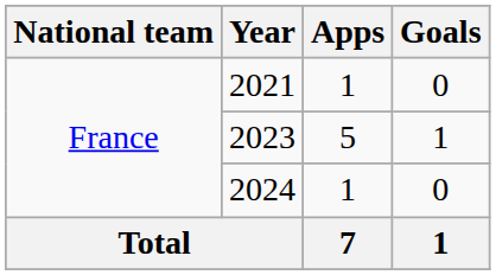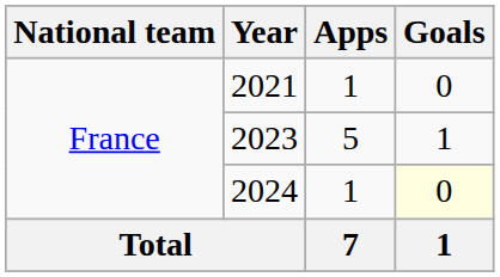 <table class="wikitable" style="text-align:center">
 <tr>
 <th>National team</th>
 <th>Year</th>
 <th>Apps</th>
 <th>Goals</th>
 </tr>
 <tr>
 <td rowspan="3"><a href='#'>France</a></td>
 <td>2021</td>
 <td>1</td>
 <td>0</td>
 </tr>
 <tr>
 <td>2023</td>
 <td>5</td>
 <td>1</td>
 </tr>
 <tr>
 <td>2024</td>
 <td>1</td>
-<td>0</td>
+<td style="background: lightyellow;">0</td>
 </tr>
 <tr>
 <th colspan="2">Total</th>
 <th>7</th>
 <th>1</th>
 </tr>
 </table>
